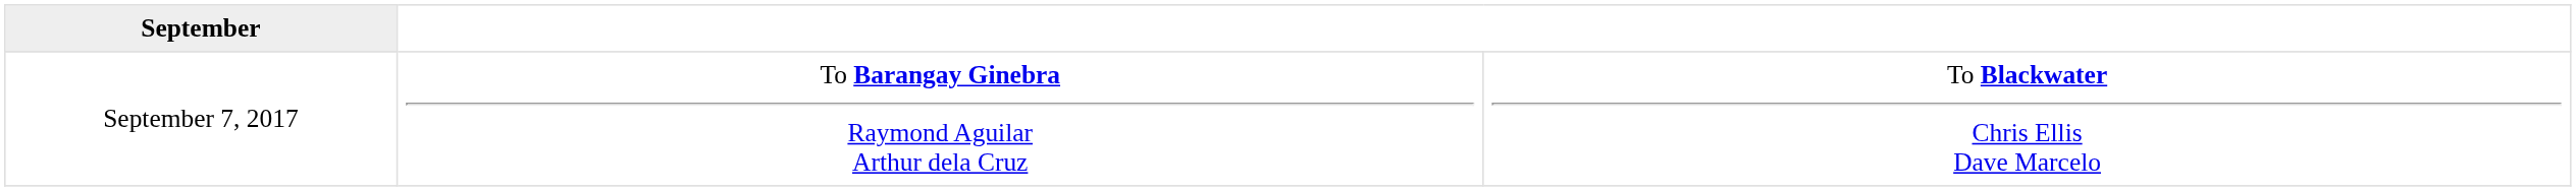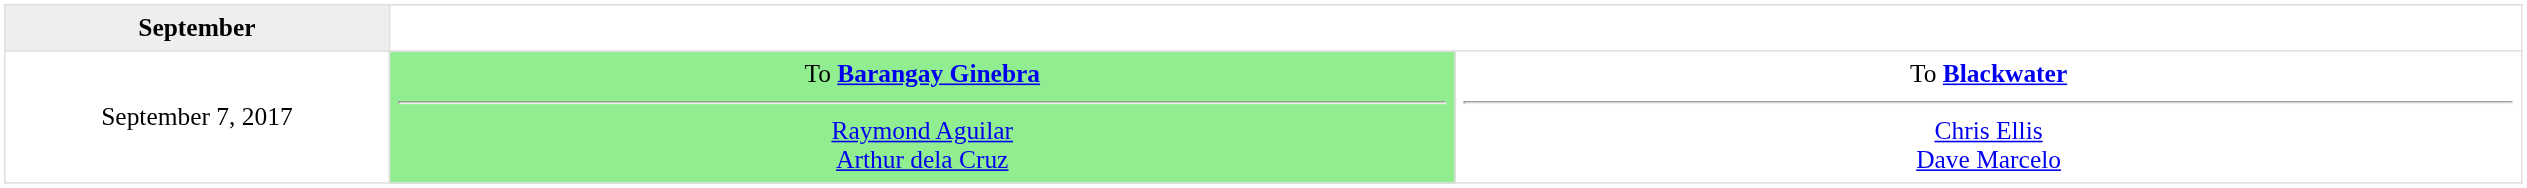 <table border=1 style="border-collapse:collapse; text-align: center; width: 100%" bordercolor="#DFDFDF"  cellpadding="5">
 <tr bgcolor="eeeeee">
 <th>September</th>
 </tr>
 <tr>
 <td style="width:12%">September 7, 2017</td>
-<td style="width:33.3%" valign="top">To <strong><a href='#'>Barangay Ginebra</a></strong><hr><a href='#'>Raymond Aguilar</a><br><a href='#'>Arthur dela Cruz</a></td>
+<td style="background: lightgreen; width:33.3%" valign="top">To <strong><a href='#'>Barangay Ginebra</a></strong><hr><a href='#'>Raymond Aguilar</a><br><a href='#'>Arthur dela Cruz</a></td>
 <td style="width:33.3%" valign="top">To <strong><a href='#'>Blackwater</a></strong><hr><a href='#'>Chris Ellis</a><br><a href='#'>Dave Marcelo</a></td>
 </tr>
 </table>
